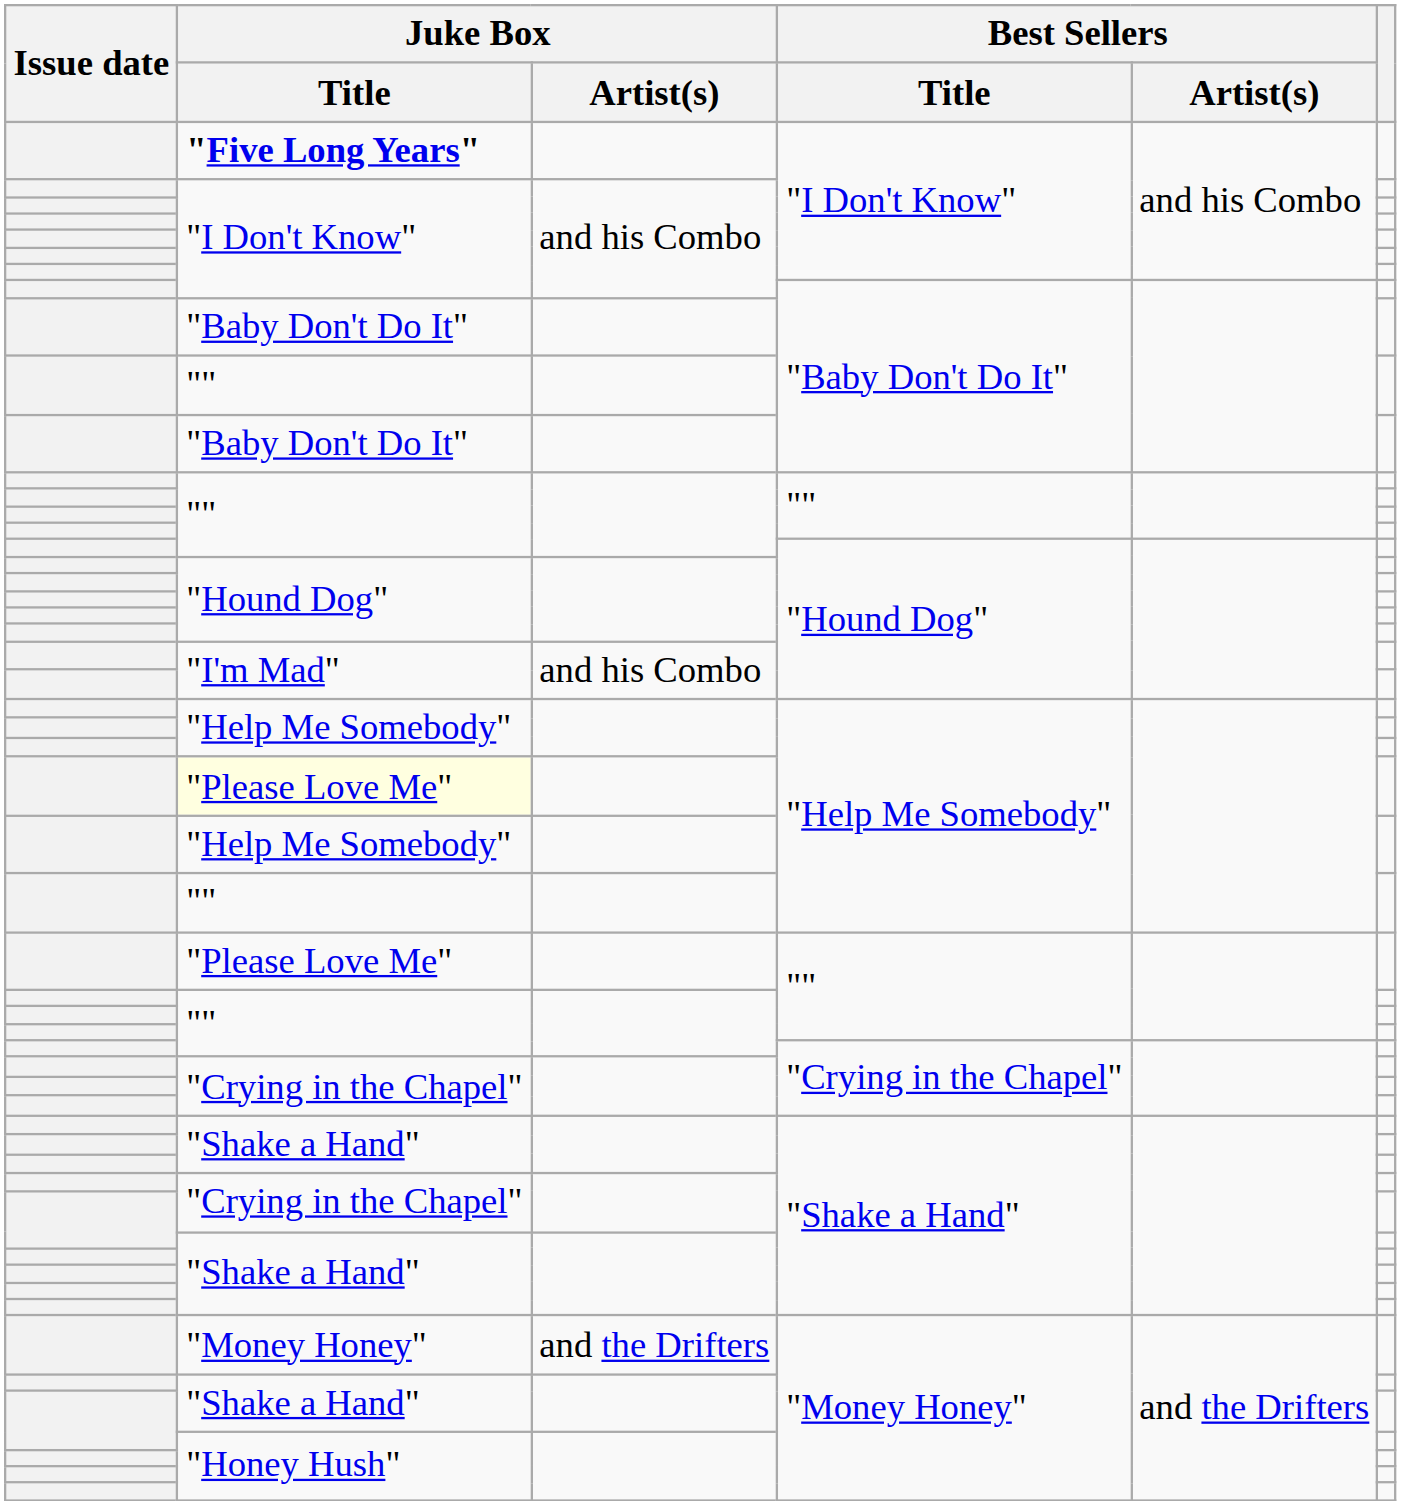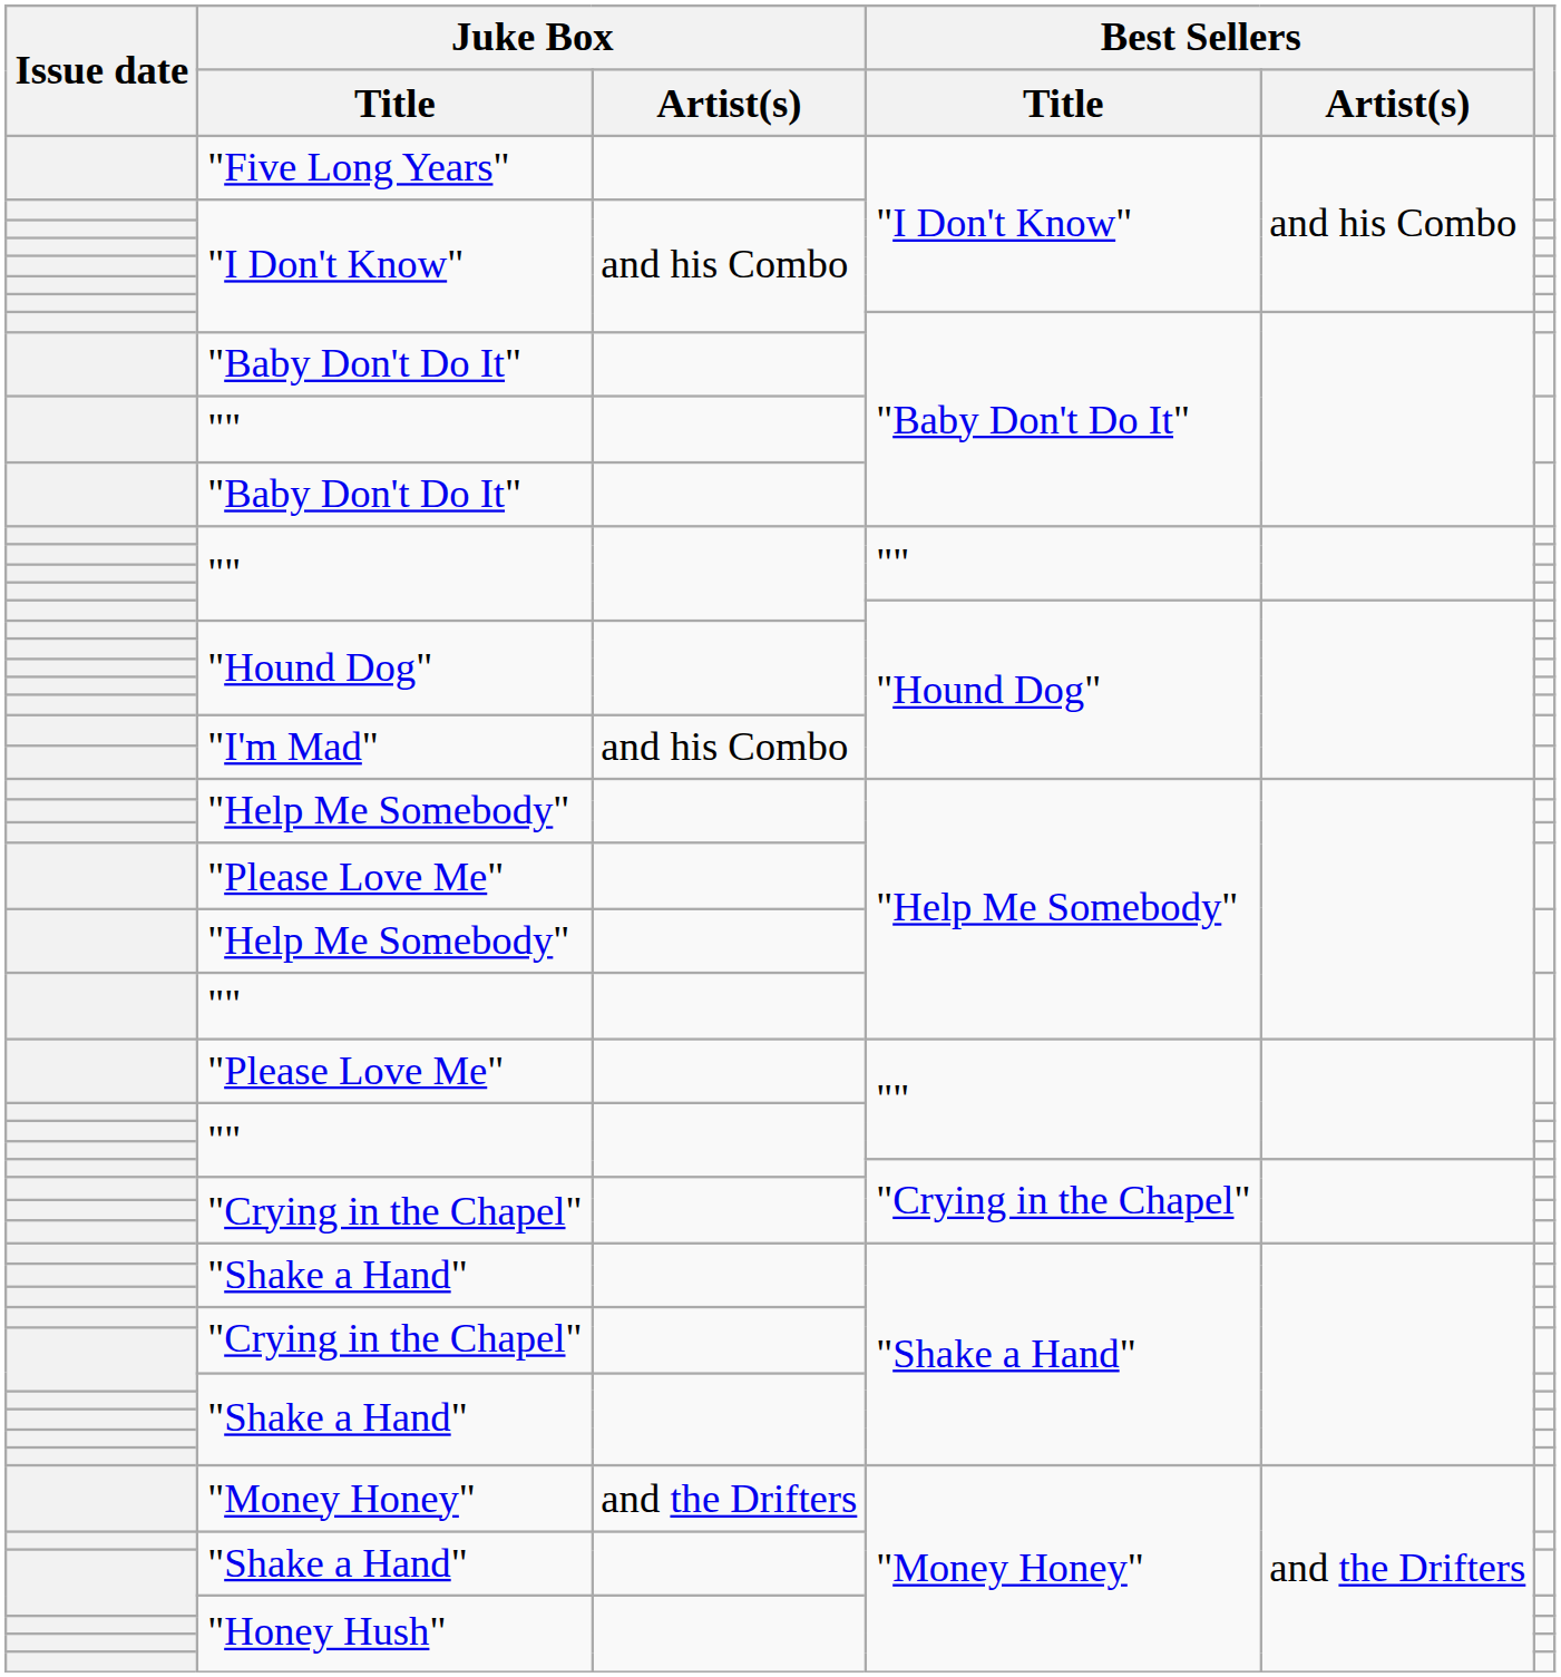 <table class="wikitable sortable plainrowheaders">
 <tr>
 <th scope=col rowspan=2>Issue date</th>
 <th scope=colgroup colspan=2>Juke Box</th>
 <th scope=colgroup colspan=2>Best Sellers</th>
 <th scope=col rowspan=2 class=unsortable></th>
 </tr>
 <tr>
 <th scope=col>Title</th>
 <th scope=col>Artist(s)</th>
 <th scope=col>Title</th>
 <th scope=col>Artist(s)</th>
 </tr>
 <tr>
 <th scope=row></th>
-<td><strong>"<a href='#'>Five Long Years</a>"</strong></td>
+<td>"<a href='#'>Five Long Years</a>"</td>
 <td></td>
 <td rowspan=7>"<a href='#'>I Don't Know</a>"</td>
 <td rowspan=7> and his Combo</td>
 <td align=center></td>
 </tr>
 <tr>
 <th scope=row></th>
 <td rowspan=7>"<a href='#'>I Don't Know</a>"</td>
 <td rowspan=7> and his Combo</td>
 <td align=center></td>
 </tr>
 <tr>
 <th scope=row></th>
 <td align=center></td>
 </tr>
 <tr>
 <th scope=row></th>
 <td align=center></td>
 </tr>
 <tr>
 <th scope=row></th>
 <td align=center></td>
 </tr>
 <tr>
 <th scope=row></th>
 <td align=center></td>
 </tr>
 <tr>
 <th scope=row></th>
 <td align=center></td>
 </tr>
 <tr>
 <th scope=row></th>
 <td rowspan=4>"<a href='#'>Baby Don't Do It</a>"</td>
 <td rowspan=4></td>
 <td align=center></td>
 </tr>
 <tr>
 <th scope=row></th>
 <td>"<a href='#'>Baby Don't Do It</a>"</td>
 <td></td>
 <td align=center></td>
 </tr>
 <tr>
 <th scope=row></th>
 <td>""</td>
 <td></td>
 <td align=center></td>
 </tr>
 <tr>
 <th scope=row></th>
 <td>"<a href='#'>Baby Don't Do It</a>"</td>
 <td></td>
 <td align=center></td>
 </tr>
 <tr>
 <th scope=row></th>
 <td rowspan=5>""</td>
 <td rowspan=5></td>
 <td rowspan=4>""</td>
 <td rowspan=4></td>
 <td align=center></td>
 </tr>
 <tr>
 <th scope=row></th>
 <td align=center></td>
 </tr>
 <tr>
 <th scope=row></th>
 <td align=center></td>
 </tr>
 <tr>
 <th scope=row></th>
 <td align=center></td>
 </tr>
 <tr>
 <th scope=row></th>
 <td rowspan=8>"<a href='#'>Hound Dog</a>"</td>
 <td rowspan=8></td>
 <td align=center></td>
 </tr>
 <tr>
 <th scope=row></th>
 <td rowspan=5>"<a href='#'>Hound Dog</a>"</td>
 <td rowspan=5></td>
 <td align=center></td>
 </tr>
 <tr>
 <th scope=row></th>
 <td align=center></td>
 </tr>
 <tr>
 <th scope=row></th>
 <td align=center></td>
 </tr>
 <tr>
 <th scope=row></th>
 <td align=center></td>
 </tr>
 <tr>
 <th scope=row></th>
 <td align=center></td>
 </tr>
 <tr>
 <th scope=row></th>
 <td rowspan=2>"<a href='#'>I'm Mad</a>"</td>
 <td rowspan=2> and his Combo</td>
 <td align=center></td>
 </tr>
 <tr>
 <th scope=row></th>
 <td align=center></td>
 </tr>
 <tr>
 <th scope=row></th>
 <td rowspan=3>"<a href='#'>Help Me Somebody</a>"</td>
 <td rowspan=3></td>
 <td rowspan=6>"<a href='#'>Help Me Somebody</a>"</td>
 <td rowspan=6></td>
 <td align=center></td>
 </tr>
 <tr>
 <th scope=row></th>
 <td align=center></td>
 </tr>
 <tr>
 <th scope=row></th>
 <td align=center></td>
 </tr>
 <tr>
 <th scope=row></th>
-<td style="background: lightyellow;">"<a href='#'>Please Love Me</a>"</td>
+<td>"<a href='#'>Please Love Me</a>"</td>
 <td></td>
 <td align=center></td>
 </tr>
 <tr>
 <th scope=row></th>
 <td>"<a href='#'>Help Me Somebody</a>"</td>
 <td></td>
 <td align=center></td>
 </tr>
 <tr>
 <th scope=row></th>
 <td>""</td>
 <td></td>
 <td align=center></td>
 </tr>
 <tr>
 <th scope=row></th>
 <td>"<a href='#'>Please Love Me</a>"</td>
 <td></td>
 <td rowspan=4>""</td>
 <td rowspan=4></td>
 <td align=center></td>
 </tr>
 <tr>
 <th scope=row></th>
 <td rowspan=4>""</td>
 <td rowspan=4></td>
 <td align=center></td>
 </tr>
 <tr>
 <th scope=row></th>
 <td align=center></td>
 </tr>
 <tr>
 <th scope=row></th>
 <td align=center></td>
 </tr>
 <tr>
 <th scope=row></th>
 <td rowspan=4>"<a href='#'>Crying in the Chapel</a>"</td>
 <td rowspan=4></td>
 <td align=center></td>
 </tr>
 <tr>
 <th scope=row></th>
 <td rowspan=3>"<a href='#'>Crying in the Chapel</a>"</td>
 <td rowspan=3></td>
 <td align=center></td>
 </tr>
 <tr>
 <th scope=row></th>
 <td align=center></td>
 </tr>
 <tr>
 <th scope=row></th>
 <td align=center></td>
 </tr>
 <tr>
 <th scope=row></th>
 <td rowspan=3>"<a href='#'>Shake a Hand</a>"</td>
 <td rowspan=3></td>
 <td rowspan=10>"<a href='#'>Shake a Hand</a>"</td>
 <td rowspan=10></td>
 <td align=center></td>
 </tr>
 <tr>
 <th scope=row></th>
 <td align=center></td>
 </tr>
 <tr>
 <th scope=row></th>
 <td align=center></td>
 </tr>
 <tr>
 <th scope=row></th>
 <td rowspan=2>"<a href='#'>Crying in the Chapel</a>"</td>
 <td rowspan=2></td>
 <td align=center></td>
 </tr>
 <tr>
 <th scope=row rowspan=2></th>
 <td align=center></td>
 </tr>
 <tr>
 <td rowspan=5>"<a href='#'>Shake a Hand</a>"</td>
 <td rowspan=5></td>
 <td align=center></td>
 </tr>
 <tr>
 <th scope=row></th>
 <td align=center></td>
 </tr>
 <tr>
 <th scope=row></th>
 <td align=center></td>
 </tr>
 <tr>
 <th scope=row></th>
 <td align=center></td>
 </tr>
 <tr>
 <th scope=row></th>
 <td align=center></td>
 </tr>
 <tr>
 <th scope=row></th>
 <td rowspan=1>"<a href='#'>Money Honey</a>"</td>
 <td rowspan=1> and <a href='#'>the Drifters</a></td>
 <td rowspan=7>"<a href='#'>Money Honey</a>"</td>
 <td rowspan=7> and <a href='#'>the Drifters</a></td>
 <td align=center></td>
 </tr>
 <tr>
 <th scope=row></th>
 <td rowspan=2>"<a href='#'>Shake a Hand</a>"</td>
 <td rowspan=2></td>
 <td align=center></td>
 </tr>
 <tr>
 <th scope=row rowspan=2></th>
 <td align=center></td>
 </tr>
 <tr>
 <td rowspan=4>"<a href='#'>Honey Hush</a>"</td>
 <td rowspan=4></td>
 <td align=center></td>
 </tr>
 <tr>
 <th scope=row></th>
 <td align=center></td>
 </tr>
 <tr>
 <th scope=row></th>
 <td align=center></td>
 </tr>
 <tr>
 <th scope=row></th>
 <td align=center></td>
 </tr>
 </table>
